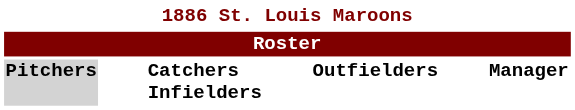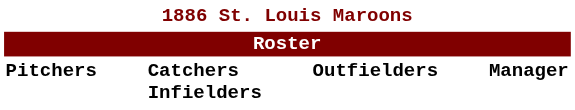 <table class="toccolours" style="font-size: 95%;">
 <tr>
 <th colspan="10" style="background-color: white; color: #800000; text-align: center;">1886 St. Louis Maroons</th>
 </tr>
 <tr>
 <td colspan="10" style="background-color: #800000; color: white; text-align: center;"><strong>Roster</strong></td>
 </tr>
 <tr>
-<td valign="top" style="background: lightgrey;"><strong>Pitchers</strong><br>      </td>
+<td valign="top"><strong>Pitchers</strong><br>      </td>
 <td width="25px"></td>
 <td valign="top"><strong>Catchers</strong><br>    <strong>Infielders</strong>     </td>
 <td width="25px"></td>
 <td valign="top"><strong>Outfielders</strong><br>     </td>
 <td width="25px"></td>
 <td valign="top"><strong>Manager</strong><br></td>
 </tr>
 </table>
